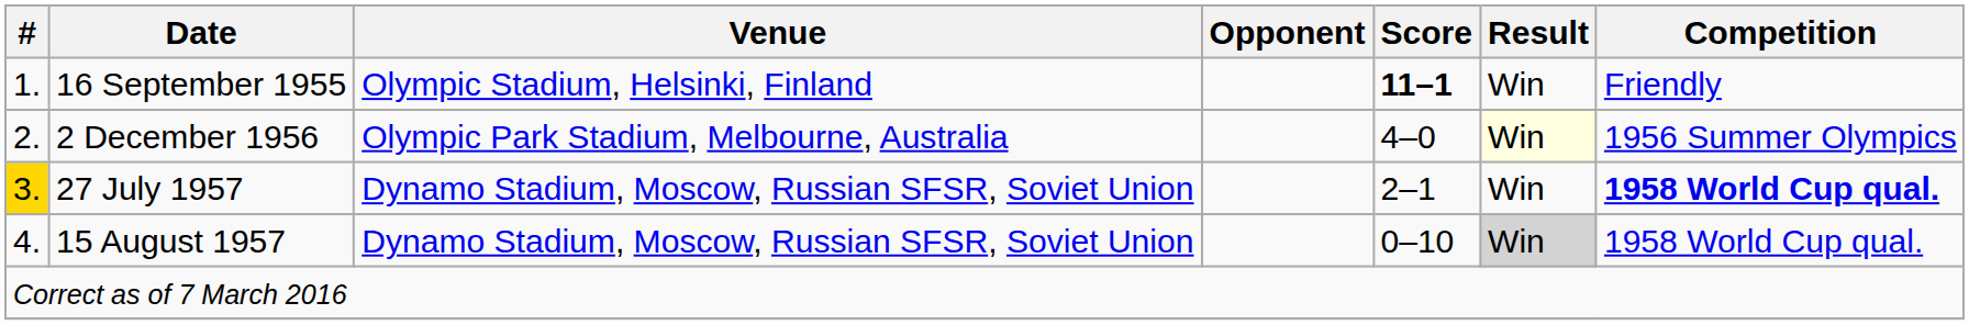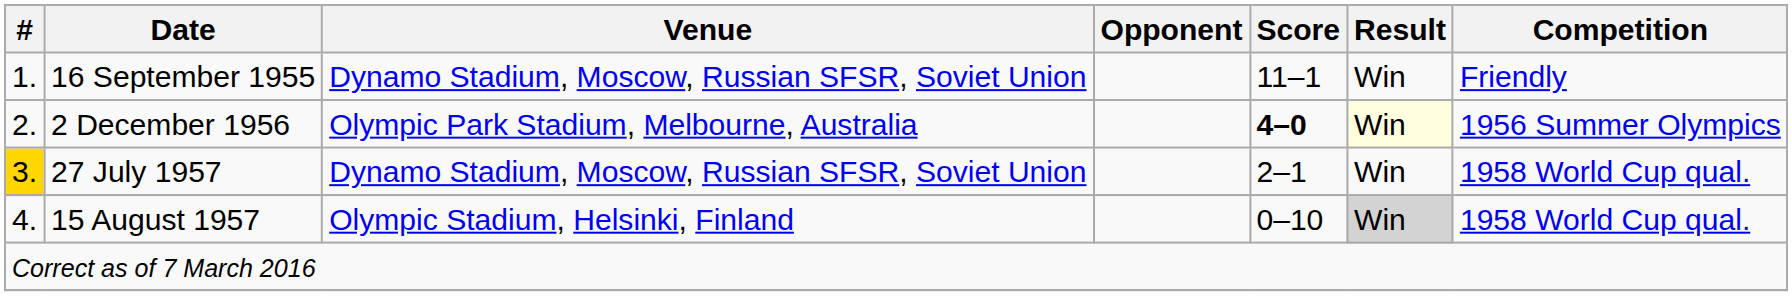 <table class="wikitable" style="font-size:95%;">
 <tr>
 <th>#</th>
 <th>Date</th>
 <th>Venue</th>
 <th>Opponent</th>
 <th>Score</th>
 <th>Result</th>
 <th>Competition</th>
 </tr>
 <tr>
 <td>1.</td>
 <td>16 September 1955</td>
-<td><a href='#'>Olympic Stadium</a>, <a href='#'>Helsinki</a>, <a href='#'>Finland</a></td>
+<td><a href='#'>Dynamo Stadium</a>, <a href='#'>Moscow</a>, <a href='#'>Russian SFSR</a>, <a href='#'>Soviet Union</a></td>
 <td></td>
-<td><strong>11–1</strong></td>
+<td>11–1</td>
 <td>Win</td>
 <td><a href='#'>Friendly</a></td>
 </tr>
 <tr>
 <td>2.</td>
 <td>2 December 1956</td>
 <td><a href='#'>Olympic Park Stadium</a>, <a href='#'>Melbourne</a>, <a href='#'>Australia</a></td>
 <td></td>
-<td>4–0</td>
+<td><strong>4–0</strong></td>
 <td style="background: lightyellow;">Win</td>
 <td><a href='#'>1956 Summer Olympics</a></td>
 </tr>
 <tr>
 <td style="background: gold;">3.</td>
 <td>27 July 1957</td>
 <td><a href='#'>Dynamo Stadium</a>, <a href='#'>Moscow</a>, <a href='#'>Russian SFSR</a>, <a href='#'>Soviet Union</a></td>
 <td></td>
 <td>2–1</td>
 <td>Win</td>
-<td><strong><a href='#'>1958 World Cup qual.</a></strong></td>
+<td><a href='#'>1958 World Cup qual.</a></td>
 </tr>
 <tr>
 <td>4.</td>
 <td>15 August 1957</td>
-<td><a href='#'>Dynamo Stadium</a>, <a href='#'>Moscow</a>, <a href='#'>Russian SFSR</a>, <a href='#'>Soviet Union</a></td>
+<td><a href='#'>Olympic Stadium</a>, <a href='#'>Helsinki</a>, <a href='#'>Finland</a></td>
 <td></td>
 <td>0–10</td>
 <td style="background: lightgrey;">Win</td>
 <td><a href='#'>1958 World Cup qual.</a></td>
 </tr>
 <tr>
 <td colspan="12"><small><em>Correct as of 7 March 2016</em></small></td>
 </tr>
 <tr>
 </tr>
 </table>
